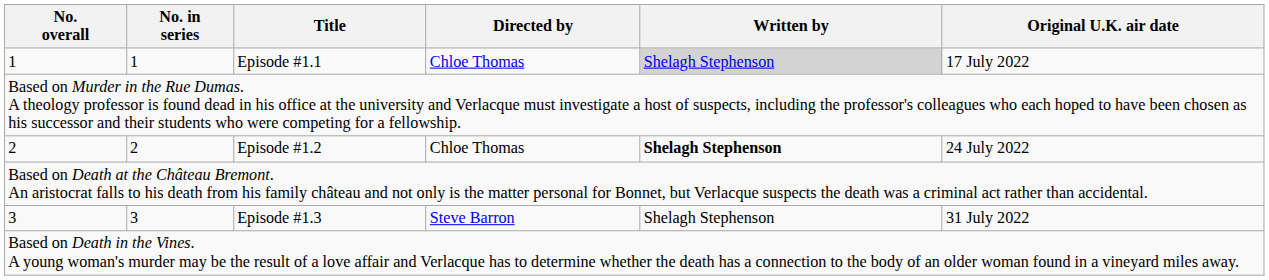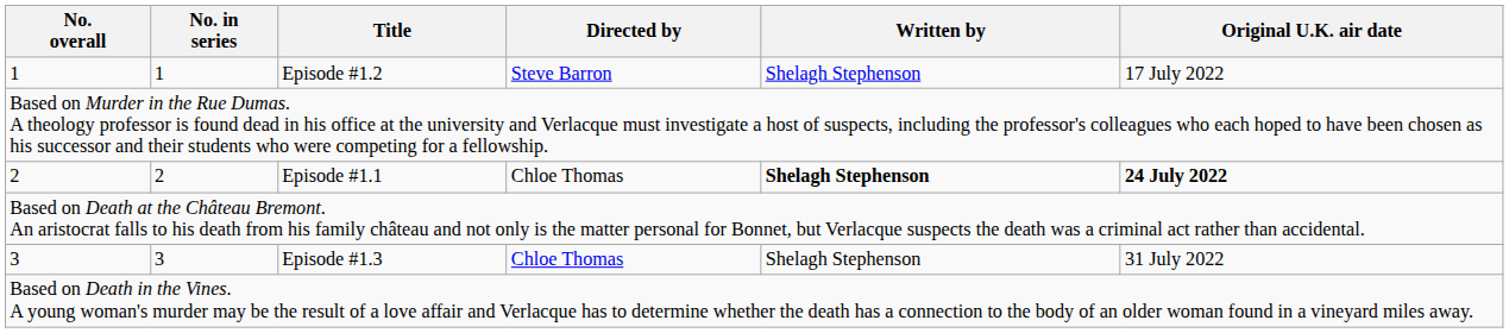 <table class="wikitable">
 <tr>
 <th><abbr>No.</abbr><br><strong>overall</strong></th>
 <th><abbr>No.</abbr> in<br>series</th>
 <th>Title</th>
 <th>Directed by</th>
 <th>Written by</th>
 <th>Original U.K. air date</th>
 </tr>
 <tr>
 <td>1</td>
 <td>1</td>
-<td>Episode #1.1</td>
-<td><a href='#'>Chloe Thomas</a></td>
-<td style="background: lightgrey;"><a href='#'>Shelagh Stephenson</a></td>
+<td>Episode #1.2</td>
+<td><a href='#'>Steve Barron</a></td>
+<td><a href='#'>Shelagh Stephenson</a></td>
 <td>17 July 2022</td>
 </tr>
 <tr>
 <td colspan="6">Based on <em>Murder in the Rue Dumas.</em><br>A theology professor is found dead in his office at the university and Verlacque must investigate a host of suspects, including the professor's colleagues who each hoped to have been chosen as his successor and their students who were competing for a fellowship.</td>
 </tr>
 <tr>
 <td>2</td>
 <td>2</td>
-<td>Episode #1.2</td>
+<td>Episode #1.1</td>
 <td>Chloe Thomas</td>
 <td><strong>Shelagh Stephenson</strong></td>
-<td>24 July 2022</td>
+<td><strong>24 July 2022</strong></td>
 </tr>
 <tr>
 <td colspan="6">Based on <em>Death at the Château Bremont</em>.<br>An aristocrat falls to his death from his family château and not only is the matter personal for Bonnet, but Verlacque suspects the death was a criminal act rather than accidental.</td>
 </tr>
 <tr>
 <td>3</td>
 <td>3</td>
 <td>Episode #1.3</td>
-<td><a href='#'>Steve Barron</a></td>
+<td><a href='#'>Chloe Thomas</a></td>
 <td>Shelagh Stephenson</td>
 <td>31 July 2022</td>
 </tr>
 <tr>
 <td colspan="6">Based on <em>Death in the Vines</em>.<br>A young woman's murder may be the result of a love affair and Verlacque has to determine whether the death has a connection to the body of an older woman found in a vineyard miles away.</td>
 </tr>
 </table>
